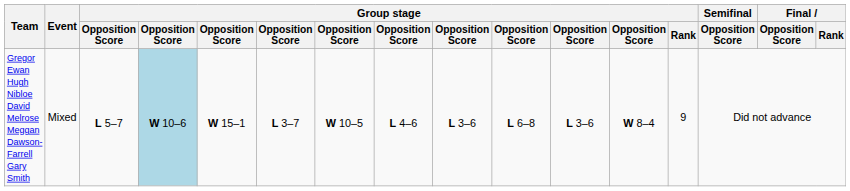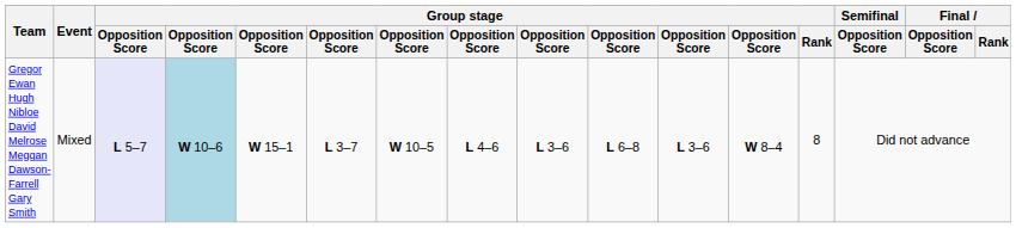 <table class=wikitable style="font-size:90%">
 <tr>
 <th rowspan=2>Team</th>
 <th rowspan=2>Event</th>
 <th colspan=11>Group stage</th>
 <th>Semifinal</th>
 <th colspan=2>Final / </th>
 </tr>
 <tr style="font-size:95%">
 <th>Opposition<br>Score</th>
 <th>Opposition<br>Score</th>
 <th>Opposition<br>Score</th>
 <th>Opposition<br>Score</th>
 <th>Opposition<br>Score</th>
 <th>Opposition<br>Score</th>
 <th>Opposition<br>Score</th>
 <th>Opposition<br>Score</th>
 <th>Opposition<br>Score</th>
 <th>Opposition<br>Score</th>
 <th>Rank</th>
 <th>Opposition<br>Score</th>
 <th>Opposition<br>Score</th>
 <th>Rank</th>
 </tr>
 <tr align="center">
 <td align="left"><small><a href='#'>Gregor Ewan</a><br><a href='#'>Hugh Nibloe</a><br><a href='#'>David Melrose</a><br><a href='#'>Meggan Dawson-Farrell</a><br><a href='#'>Gary Smith</a></small></td>
 <td>Mixed</td>
-<td><br><strong>L</strong> 5–7</td>
+<td style="background: lavender;"><br><strong>L</strong> 5–7</td>
 <td style="background: lightblue;"><br><strong>W</strong> 10–6</td>
 <td><br><strong>W</strong> 15–1</td>
 <td><br><strong>L</strong> 3–7</td>
 <td><br><strong>W</strong> 10–5</td>
 <td><br><strong>L</strong> 4–6</td>
 <td><br><strong>L</strong> 3–6</td>
 <td><br><strong>L</strong> 6–8</td>
 <td><br><strong>L</strong> 3–6</td>
 <td><br><strong>W</strong> 8–4</td>
-<td>9</td>
+<td>8</td>
 <td colspan=3>Did not advance</td>
 </tr>
 </table>
